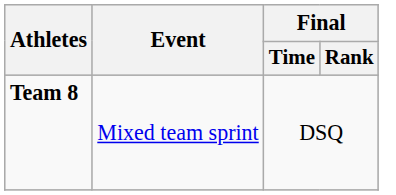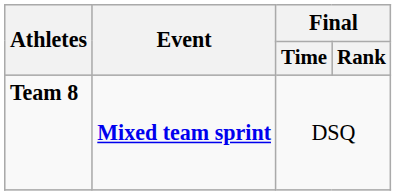 <table class="wikitable" style="font-size:90%">
 <tr>
 <th rowspan="2">Athletes</th>
 <th rowspan="2">Event</th>
 <th colspan="2">Final</th>
 </tr>
 <tr style="font-size:95%">
 <th>Time</th>
 <th>Rank</th>
 </tr>
 <tr align=center>
 <td align=left><strong>Team 8</strong><br><br><br><br></td>
-<td align=left><a href='#'>Mixed team sprint</a></td>
+<td align=left><strong><a href='#'>Mixed team sprint</a></strong></td>
 <td colspan=2>DSQ</td>
 </tr>
 </table>
